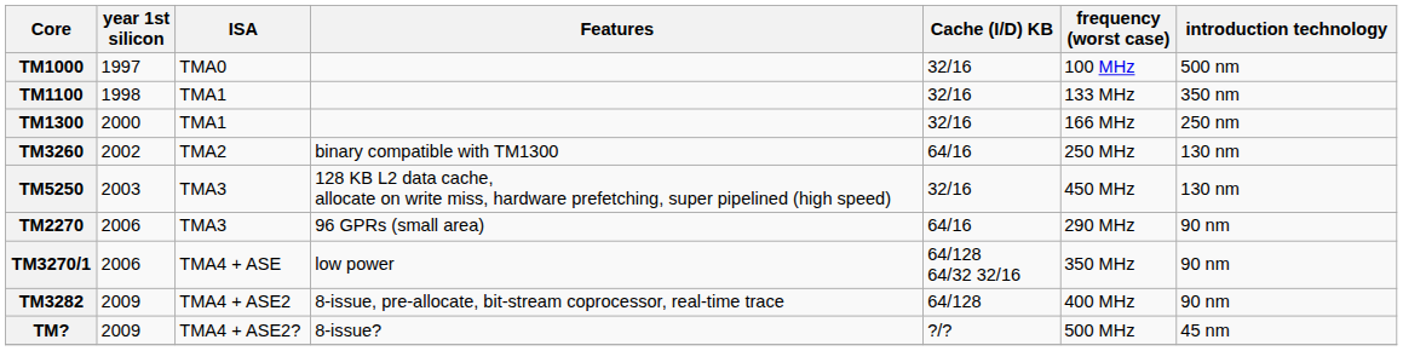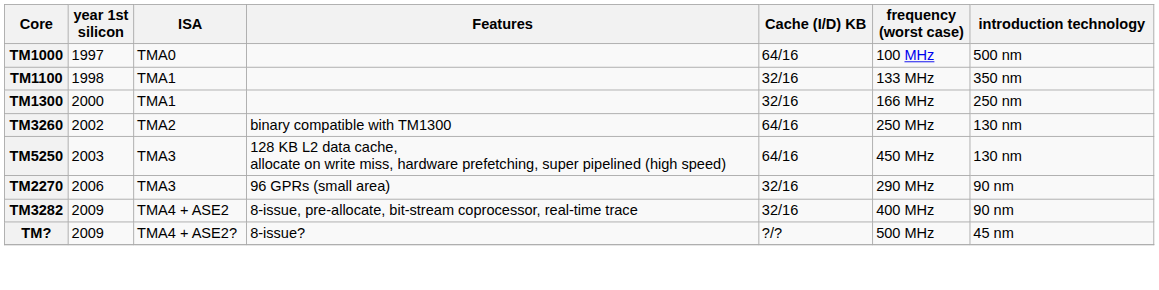 <table class="wikitable" width="100%">
 <tr>
 <th>Core</th>
 <th>year 1st<br>silicon</th>
 <th>ISA</th>
 <th>Features</th>
 <th>Cache (I/D) KB</th>
 <th>frequency<br>(worst case)</th>
 <th>introduction technology</th>
 </tr>
 <tr>
 <th>TM1000</th>
 <td>1997</td>
 <td>TMA0</td>
 <td></td>
-<td>32/16</td>
+<td>64/16</td>
 <td>100 <a href='#'>MHz</a></td>
 <td>500 nm</td>
 </tr>
 <tr>
 <th>TM1100</th>
 <td>1998</td>
 <td>TMA1</td>
 <td></td>
 <td>32/16</td>
 <td>133 MHz</td>
 <td>350 nm</td>
 </tr>
 <tr>
 <th>TM1300</th>
 <td>2000</td>
 <td>TMA1</td>
 <td></td>
 <td>32/16</td>
 <td>166 MHz</td>
 <td>250 nm</td>
 </tr>
 <tr>
 <th>TM3260</th>
 <td>2002</td>
 <td>TMA2</td>
 <td>binary compatible with TM1300</td>
 <td>64/16</td>
 <td>250 MHz</td>
 <td>130 nm</td>
 </tr>
 <tr>
 <th>TM5250</th>
 <td>2003</td>
 <td>TMA3</td>
 <td>128 KB L2 data cache,<br>allocate on write miss, hardware prefetching, super pipelined (high speed)</td>
-<td>32/16</td>
+<td>64/16</td>
 <td>450 MHz</td>
 <td>130 nm</td>
 </tr>
 <tr>
 <th>TM2270</th>
 <td>2006</td>
 <td>TMA3</td>
 <td>96 GPRs (small area)</td>
-<td>64/16</td>
+<td>32/16</td>
 <td>290 MHz</td>
-<td>90 nm</td>
-</tr>
-<tr>
-<th>TM3270/1</th>
-<td>2006</td>
-<td>TMA4 + ASE</td>
-<td>low power</td>
-<td>64/128<br>64/32  32/16</td>
-<td>350 MHz</td>
 <td>90 nm</td>
 </tr>
 <tr>
 <th>TM3282</th>
 <td>2009</td>
 <td>TMA4 + ASE2</td>
 <td>8-issue, pre-allocate, bit-stream coprocessor, real-time trace</td>
-<td>64/128</td>
+<td>32/16</td>
 <td>400 MHz</td>
 <td>90 nm</td>
 </tr>
 <tr>
 <th>TM?</th>
 <td>2009</td>
 <td>TMA4 + ASE2?</td>
 <td>8-issue?</td>
 <td>?/?</td>
 <td>500 MHz</td>
 <td>45 nm</td>
 </tr>
 <tr>
 </tr>
 </table>
